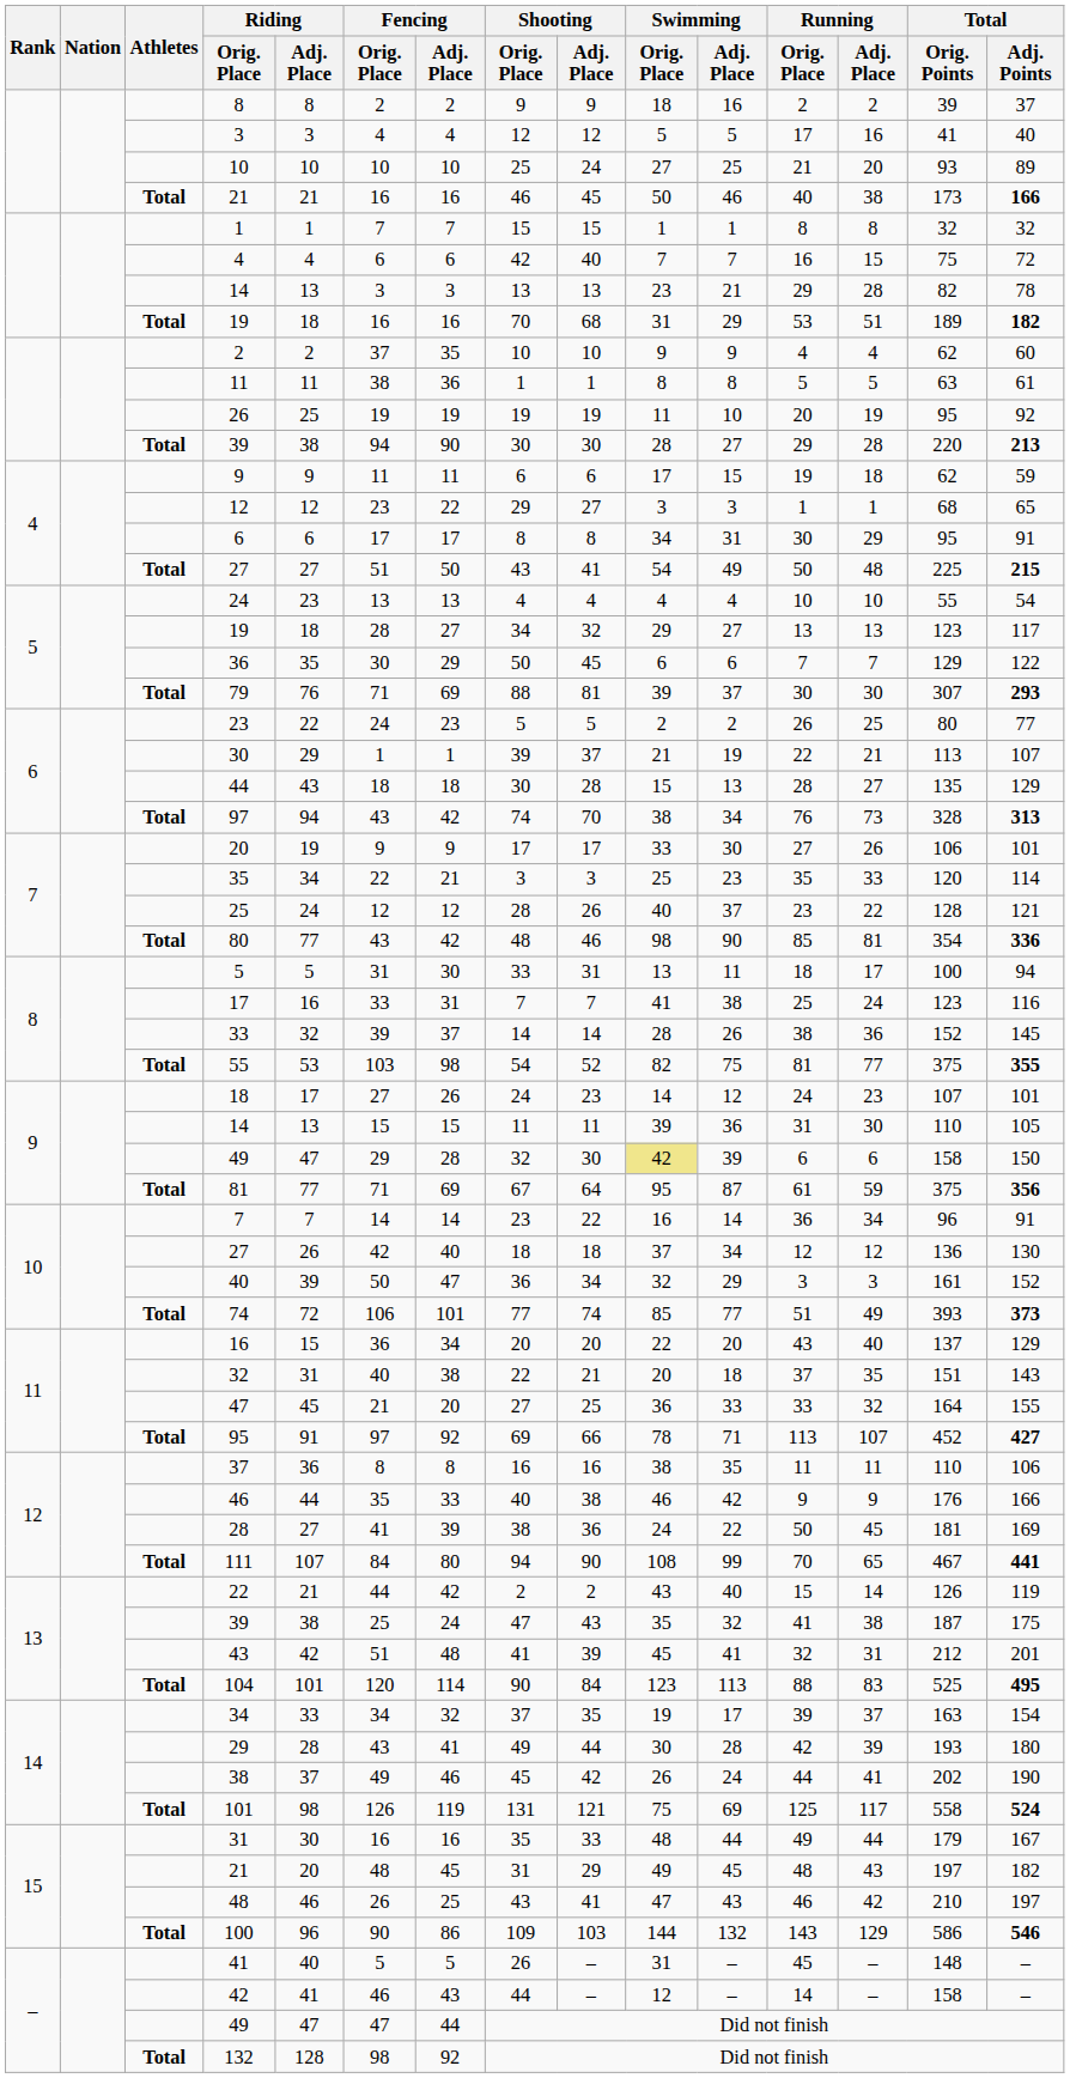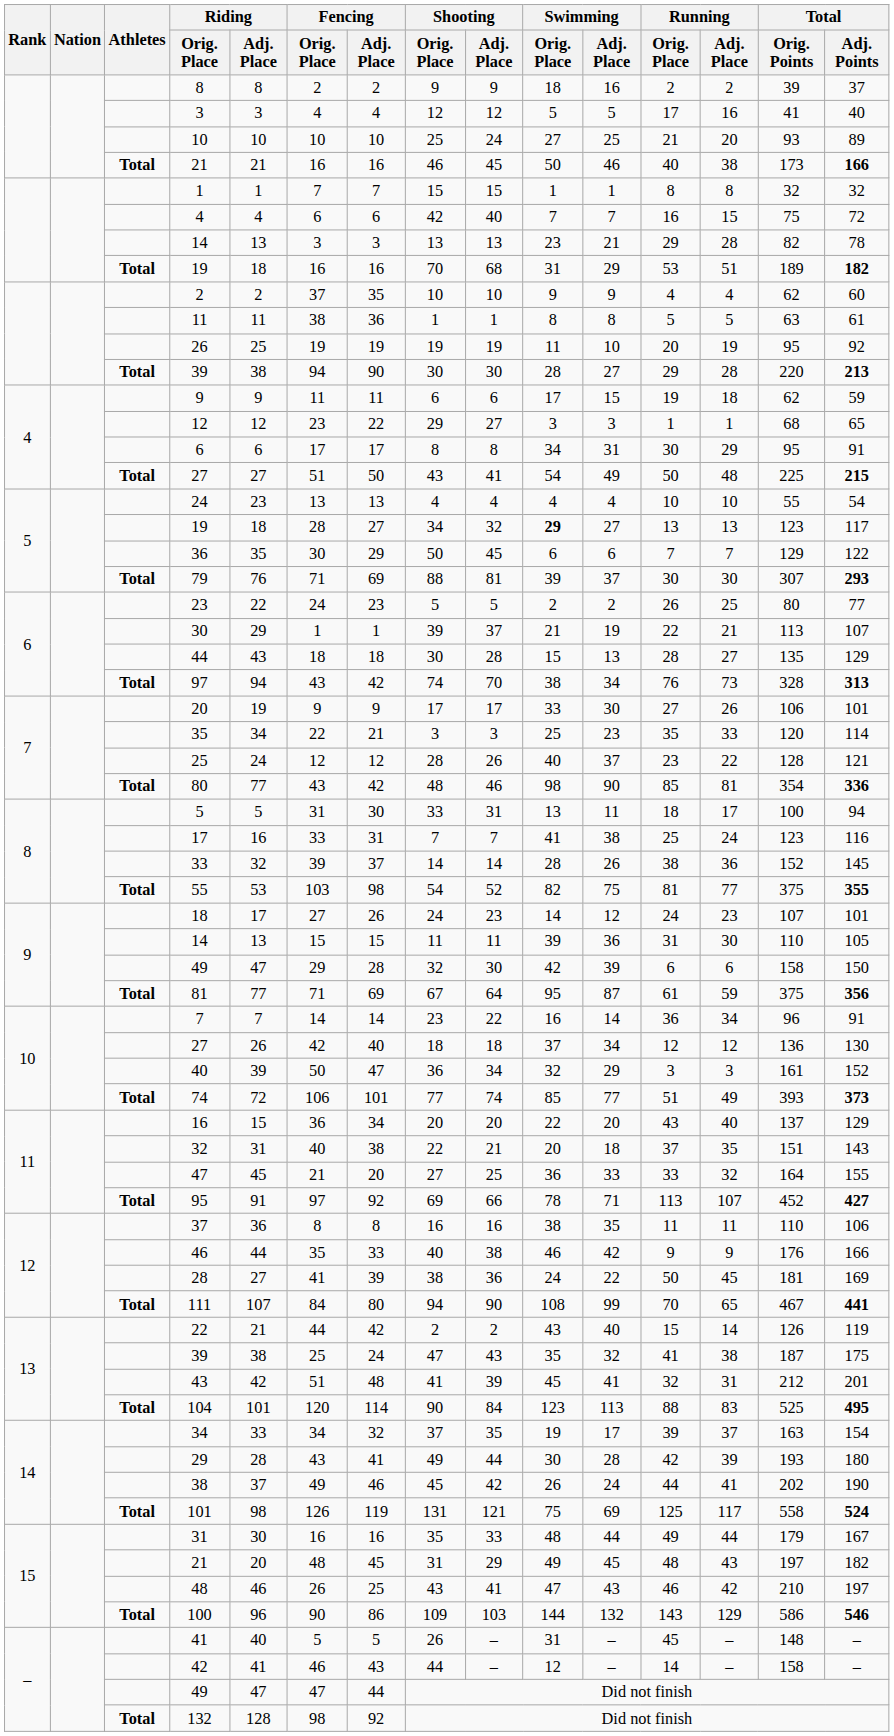 <table class="wikitable sortable" style="text-align:center">
 <tr>
 <th rowspan=2>Rank</th>
 <th rowspan=2>Nation</th>
 <th rowspan=2>Athletes</th>
 <th colspan=2>Riding</th>
 <th colspan=2>Fencing</th>
 <th colspan=2>Shooting</th>
 <th colspan=2>Swimming</th>
 <th colspan=2>Running</th>
 <th colspan=2>Total</th>
 </tr>
 <tr>
 <th>Orig. Place</th>
 <th>Adj. Place</th>
 <th>Orig. Place</th>
 <th>Adj. Place</th>
 <th>Orig. Place</th>
 <th>Adj. Place</th>
 <th>Orig. Place</th>
 <th>Adj. Place</th>
 <th>Orig. Place</th>
 <th>Adj. Place</th>
 <th>Orig. Points</th>
 <th>Adj. Points</th>
 </tr>
 <tr>
 <td rowspan=4></td>
 <td rowspan=4 align=left></td>
 <td align=left></td>
 <td>8</td>
 <td>8</td>
 <td>2</td>
 <td>2</td>
 <td>9</td>
 <td>9</td>
 <td>18</td>
 <td>16</td>
 <td>2</td>
 <td>2</td>
 <td>39</td>
 <td>37</td>
 </tr>
 <tr>
 <td align=left></td>
 <td>3</td>
 <td>3</td>
 <td>4</td>
 <td>4</td>
 <td>12</td>
 <td>12</td>
 <td>5</td>
 <td>5</td>
 <td>17</td>
 <td>16</td>
 <td>41</td>
 <td>40</td>
 </tr>
 <tr>
 <td align=left></td>
 <td>10</td>
 <td>10</td>
 <td>10</td>
 <td>10</td>
 <td>25</td>
 <td>24</td>
 <td>27</td>
 <td>25</td>
 <td>21</td>
 <td>20</td>
 <td>93</td>
 <td>89</td>
 </tr>
 <tr>
 <td><strong>Total</strong></td>
 <td>21</td>
 <td>21</td>
 <td>16</td>
 <td>16</td>
 <td>46</td>
 <td>45</td>
 <td>50</td>
 <td>46</td>
 <td>40</td>
 <td>38</td>
 <td>173</td>
 <td><strong>166</strong></td>
 </tr>
 <tr>
 <td rowspan=4></td>
 <td rowspan=4 align=left></td>
 <td align=left></td>
 <td>1</td>
 <td>1</td>
 <td>7</td>
 <td>7</td>
 <td>15</td>
 <td>15</td>
 <td>1</td>
 <td>1</td>
 <td>8</td>
 <td>8</td>
 <td>32</td>
 <td>32</td>
 </tr>
 <tr>
 <td align=left></td>
 <td>4</td>
 <td>4</td>
 <td>6</td>
 <td>6</td>
 <td>42</td>
 <td>40</td>
 <td>7</td>
 <td>7</td>
 <td>16</td>
 <td>15</td>
 <td>75</td>
 <td>72</td>
 </tr>
 <tr>
 <td align=left></td>
 <td>14</td>
 <td>13</td>
 <td>3</td>
 <td>3</td>
 <td>13</td>
 <td>13</td>
 <td>23</td>
 <td>21</td>
 <td>29</td>
 <td>28</td>
 <td>82</td>
 <td>78</td>
 </tr>
 <tr>
 <td><strong>Total</strong></td>
 <td>19</td>
 <td>18</td>
 <td>16</td>
 <td>16</td>
 <td>70</td>
 <td>68</td>
 <td>31</td>
 <td>29</td>
 <td>53</td>
 <td>51</td>
 <td>189</td>
 <td><strong>182</strong></td>
 </tr>
 <tr>
 <td rowspan=4></td>
 <td rowspan=4 align=left></td>
 <td align=left></td>
 <td>2</td>
 <td>2</td>
 <td>37</td>
 <td>35</td>
 <td>10</td>
 <td>10</td>
 <td>9</td>
 <td>9</td>
 <td>4</td>
 <td>4</td>
 <td>62</td>
 <td>60</td>
 </tr>
 <tr>
 <td align=left></td>
 <td>11</td>
 <td>11</td>
 <td>38</td>
 <td>36</td>
 <td>1</td>
 <td>1</td>
 <td>8</td>
 <td>8</td>
 <td>5</td>
 <td>5</td>
 <td>63</td>
 <td>61</td>
 </tr>
 <tr>
 <td align=left></td>
 <td>26</td>
 <td>25</td>
 <td>19</td>
 <td>19</td>
 <td>19</td>
 <td>19</td>
 <td>11</td>
 <td>10</td>
 <td>20</td>
 <td>19</td>
 <td>95</td>
 <td>92</td>
 </tr>
 <tr>
 <td><strong>Total</strong></td>
 <td>39</td>
 <td>38</td>
 <td>94</td>
 <td>90</td>
 <td>30</td>
 <td>30</td>
 <td>28</td>
 <td>27</td>
 <td>29</td>
 <td>28</td>
 <td>220</td>
 <td><strong>213</strong></td>
 </tr>
 <tr>
 <td rowspan=4>4</td>
 <td rowspan=4 align=left></td>
 <td align=left></td>
 <td>9</td>
 <td>9</td>
 <td>11</td>
 <td>11</td>
 <td>6</td>
 <td>6</td>
 <td>17</td>
 <td>15</td>
 <td>19</td>
 <td>18</td>
 <td>62</td>
 <td>59</td>
 </tr>
 <tr>
 <td align=left></td>
 <td>12</td>
 <td>12</td>
 <td>23</td>
 <td>22</td>
 <td>29</td>
 <td>27</td>
 <td>3</td>
 <td>3</td>
 <td>1</td>
 <td>1</td>
 <td>68</td>
 <td>65</td>
 </tr>
 <tr>
 <td align=left></td>
 <td>6</td>
 <td>6</td>
 <td>17</td>
 <td>17</td>
 <td>8</td>
 <td>8</td>
 <td>34</td>
 <td>31</td>
 <td>30</td>
 <td>29</td>
 <td>95</td>
 <td>91</td>
 </tr>
 <tr>
 <td><strong>Total</strong></td>
 <td>27</td>
 <td>27</td>
 <td>51</td>
 <td>50</td>
 <td>43</td>
 <td>41</td>
 <td>54</td>
 <td>49</td>
 <td>50</td>
 <td>48</td>
 <td>225</td>
 <td><strong>215</strong></td>
 </tr>
 <tr>
 <td rowspan=4>5</td>
 <td rowspan=4 align=left></td>
 <td align=left></td>
 <td>24</td>
 <td>23</td>
 <td>13</td>
 <td>13</td>
 <td>4</td>
 <td>4</td>
 <td>4</td>
 <td>4</td>
 <td>10</td>
 <td>10</td>
 <td>55</td>
 <td>54</td>
 </tr>
 <tr>
 <td align=left></td>
 <td>19</td>
 <td>18</td>
 <td>28</td>
 <td>27</td>
 <td>34</td>
 <td>32</td>
-<td>29</td>
+<td><strong>29</strong></td>
 <td>27</td>
 <td>13</td>
 <td>13</td>
 <td>123</td>
 <td>117</td>
 </tr>
 <tr>
 <td align=left></td>
 <td>36</td>
 <td>35</td>
 <td>30</td>
 <td>29</td>
 <td>50</td>
 <td>45</td>
 <td>6</td>
 <td>6</td>
 <td>7</td>
 <td>7</td>
 <td>129</td>
 <td>122</td>
 </tr>
 <tr>
 <td><strong>Total</strong></td>
 <td>79</td>
 <td>76</td>
 <td>71</td>
 <td>69</td>
 <td>88</td>
 <td>81</td>
 <td>39</td>
 <td>37</td>
 <td>30</td>
 <td>30</td>
 <td>307</td>
 <td><strong>293</strong></td>
 </tr>
 <tr>
 <td rowspan=4>6</td>
 <td rowspan=4 align=left></td>
 <td align=left></td>
 <td>23</td>
 <td>22</td>
 <td>24</td>
 <td>23</td>
 <td>5</td>
 <td>5</td>
 <td>2</td>
 <td>2</td>
 <td>26</td>
 <td>25</td>
 <td>80</td>
 <td>77</td>
 </tr>
 <tr>
 <td align=left></td>
 <td>30</td>
 <td>29</td>
 <td>1</td>
 <td>1</td>
 <td>39</td>
 <td>37</td>
 <td>21</td>
 <td>19</td>
 <td>22</td>
 <td>21</td>
 <td>113</td>
 <td>107</td>
 </tr>
 <tr>
 <td align=left></td>
 <td>44</td>
 <td>43</td>
 <td>18</td>
 <td>18</td>
 <td>30</td>
 <td>28</td>
 <td>15</td>
 <td>13</td>
 <td>28</td>
 <td>27</td>
 <td>135</td>
 <td>129</td>
 </tr>
 <tr>
 <td><strong>Total</strong></td>
 <td>97</td>
 <td>94</td>
 <td>43</td>
 <td>42</td>
 <td>74</td>
 <td>70</td>
 <td>38</td>
 <td>34</td>
 <td>76</td>
 <td>73</td>
 <td>328</td>
 <td><strong>313</strong></td>
 </tr>
 <tr>
 <td rowspan=4>7</td>
 <td rowspan=4 align=left></td>
 <td align=left></td>
 <td>20</td>
 <td>19</td>
 <td>9</td>
 <td>9</td>
 <td>17</td>
 <td>17</td>
 <td>33</td>
 <td>30</td>
 <td>27</td>
 <td>26</td>
 <td>106</td>
 <td>101</td>
 </tr>
 <tr>
 <td align=left></td>
 <td>35</td>
 <td>34</td>
 <td>22</td>
 <td>21</td>
 <td>3</td>
 <td>3</td>
 <td>25</td>
 <td>23</td>
 <td>35</td>
 <td>33</td>
 <td>120</td>
 <td>114</td>
 </tr>
 <tr>
 <td align=left></td>
 <td>25</td>
 <td>24</td>
 <td>12</td>
 <td>12</td>
 <td>28</td>
 <td>26</td>
 <td>40</td>
 <td>37</td>
 <td>23</td>
 <td>22</td>
 <td>128</td>
 <td>121</td>
 </tr>
 <tr>
 <td><strong>Total</strong></td>
 <td>80</td>
 <td>77</td>
 <td>43</td>
 <td>42</td>
 <td>48</td>
 <td>46</td>
 <td>98</td>
 <td>90</td>
 <td>85</td>
 <td>81</td>
 <td>354</td>
 <td><strong>336</strong></td>
 </tr>
 <tr>
 <td rowspan=4>8</td>
 <td rowspan=4 align=left></td>
 <td align=left></td>
 <td>5</td>
 <td>5</td>
 <td>31</td>
 <td>30</td>
 <td>33</td>
 <td>31</td>
 <td>13</td>
 <td>11</td>
 <td>18</td>
 <td>17</td>
 <td>100</td>
 <td>94</td>
 </tr>
 <tr>
 <td align=left></td>
 <td>17</td>
 <td>16</td>
 <td>33</td>
 <td>31</td>
 <td>7</td>
 <td>7</td>
 <td>41</td>
 <td>38</td>
 <td>25</td>
 <td>24</td>
 <td>123</td>
 <td>116</td>
 </tr>
 <tr>
 <td align=left></td>
 <td>33</td>
 <td>32</td>
 <td>39</td>
 <td>37</td>
 <td>14</td>
 <td>14</td>
 <td>28</td>
 <td>26</td>
 <td>38</td>
 <td>36</td>
 <td>152</td>
 <td>145</td>
 </tr>
 <tr>
 <td><strong>Total</strong></td>
 <td>55</td>
 <td>53</td>
 <td>103</td>
 <td>98</td>
 <td>54</td>
 <td>52</td>
 <td>82</td>
 <td>75</td>
 <td>81</td>
 <td>77</td>
 <td>375</td>
 <td><strong>355</strong></td>
 </tr>
 <tr>
 <td rowspan=4>9</td>
 <td rowspan=4 align=left></td>
 <td align=left></td>
 <td>18</td>
 <td>17</td>
 <td>27</td>
 <td>26</td>
 <td>24</td>
 <td>23</td>
 <td>14</td>
 <td>12</td>
 <td>24</td>
 <td>23</td>
 <td>107</td>
 <td>101</td>
 </tr>
 <tr>
 <td align=left></td>
 <td>14</td>
 <td>13</td>
 <td>15</td>
 <td>15</td>
 <td>11</td>
 <td>11</td>
 <td>39</td>
 <td>36</td>
 <td>31</td>
 <td>30</td>
 <td>110</td>
 <td>105</td>
 </tr>
 <tr>
 <td align=left></td>
 <td>49</td>
 <td>47</td>
 <td>29</td>
 <td>28</td>
 <td>32</td>
 <td>30</td>
-<td style="background: khaki;">42</td>
+<td>42</td>
 <td>39</td>
 <td>6</td>
 <td>6</td>
 <td>158</td>
 <td>150</td>
 </tr>
 <tr>
 <td><strong>Total</strong></td>
 <td>81</td>
 <td>77</td>
 <td>71</td>
 <td>69</td>
 <td>67</td>
 <td>64</td>
 <td>95</td>
 <td>87</td>
 <td>61</td>
 <td>59</td>
 <td>375</td>
 <td><strong>356</strong></td>
 </tr>
 <tr>
 <td rowspan=4>10</td>
 <td rowspan=4 align=left></td>
 <td align=left></td>
 <td>7</td>
 <td>7</td>
 <td>14</td>
 <td>14</td>
 <td>23</td>
 <td>22</td>
 <td>16</td>
 <td>14</td>
 <td>36</td>
 <td>34</td>
 <td>96</td>
 <td>91</td>
 </tr>
 <tr>
 <td align=left></td>
 <td>27</td>
 <td>26</td>
 <td>42</td>
 <td>40</td>
 <td>18</td>
 <td>18</td>
 <td>37</td>
 <td>34</td>
 <td>12</td>
 <td>12</td>
 <td>136</td>
 <td>130</td>
 </tr>
 <tr>
 <td align=left></td>
 <td>40</td>
 <td>39</td>
 <td>50</td>
 <td>47</td>
 <td>36</td>
 <td>34</td>
 <td>32</td>
 <td>29</td>
 <td>3</td>
 <td>3</td>
 <td>161</td>
 <td>152</td>
 </tr>
 <tr>
 <td><strong>Total</strong></td>
 <td>74</td>
 <td>72</td>
 <td>106</td>
 <td>101</td>
 <td>77</td>
 <td>74</td>
 <td>85</td>
 <td>77</td>
 <td>51</td>
 <td>49</td>
 <td>393</td>
 <td><strong>373</strong></td>
 </tr>
 <tr>
 <td rowspan=4>11</td>
 <td rowspan=4 align=left></td>
 <td align=left></td>
 <td>16</td>
 <td>15</td>
 <td>36</td>
 <td>34</td>
 <td>20</td>
 <td>20</td>
 <td>22</td>
 <td>20</td>
 <td>43</td>
 <td>40</td>
 <td>137</td>
 <td>129</td>
 </tr>
 <tr>
 <td align=left></td>
 <td>32</td>
 <td>31</td>
 <td>40</td>
 <td>38</td>
 <td>22</td>
 <td>21</td>
 <td>20</td>
 <td>18</td>
 <td>37</td>
 <td>35</td>
 <td>151</td>
 <td>143</td>
 </tr>
 <tr>
 <td align=left></td>
 <td>47</td>
 <td>45</td>
 <td>21</td>
 <td>20</td>
 <td>27</td>
 <td>25</td>
 <td>36</td>
 <td>33</td>
 <td>33</td>
 <td>32</td>
 <td>164</td>
 <td>155</td>
 </tr>
 <tr>
 <td><strong>Total</strong></td>
 <td>95</td>
 <td>91</td>
 <td>97</td>
 <td>92</td>
 <td>69</td>
 <td>66</td>
 <td>78</td>
 <td>71</td>
 <td>113</td>
 <td>107</td>
 <td>452</td>
 <td><strong>427</strong></td>
 </tr>
 <tr>
 <td rowspan=4>12</td>
 <td rowspan=4 align=left></td>
 <td align=left></td>
 <td>37</td>
 <td>36</td>
 <td>8</td>
 <td>8</td>
 <td>16</td>
 <td>16</td>
 <td>38</td>
 <td>35</td>
 <td>11</td>
 <td>11</td>
 <td>110</td>
 <td>106</td>
 </tr>
 <tr>
 <td align=left></td>
 <td>46</td>
 <td>44</td>
 <td>35</td>
 <td>33</td>
 <td>40</td>
 <td>38</td>
 <td>46</td>
 <td>42</td>
 <td>9</td>
 <td>9</td>
 <td>176</td>
 <td>166</td>
 </tr>
 <tr>
 <td align=left></td>
 <td>28</td>
 <td>27</td>
 <td>41</td>
 <td>39</td>
 <td>38</td>
 <td>36</td>
 <td>24</td>
 <td>22</td>
 <td>50</td>
 <td>45</td>
 <td>181</td>
 <td>169</td>
 </tr>
 <tr>
 <td><strong>Total</strong></td>
 <td>111</td>
 <td>107</td>
 <td>84</td>
 <td>80</td>
 <td>94</td>
 <td>90</td>
 <td>108</td>
 <td>99</td>
 <td>70</td>
 <td>65</td>
 <td>467</td>
 <td><strong>441</strong></td>
 </tr>
 <tr>
 <td rowspan=4>13</td>
 <td rowspan=4 align=left></td>
 <td align=left></td>
 <td>22</td>
 <td>21</td>
 <td>44</td>
 <td>42</td>
 <td>2</td>
 <td>2</td>
 <td>43</td>
 <td>40</td>
 <td>15</td>
 <td>14</td>
 <td>126</td>
 <td>119</td>
 </tr>
 <tr>
 <td align=left></td>
 <td>39</td>
 <td>38</td>
 <td>25</td>
 <td>24</td>
 <td>47</td>
 <td>43</td>
 <td>35</td>
 <td>32</td>
 <td>41</td>
 <td>38</td>
 <td>187</td>
 <td>175</td>
 </tr>
 <tr>
 <td align=left></td>
 <td>43</td>
 <td>42</td>
 <td>51</td>
 <td>48</td>
 <td>41</td>
 <td>39</td>
 <td>45</td>
 <td>41</td>
 <td>32</td>
 <td>31</td>
 <td>212</td>
 <td>201</td>
 </tr>
 <tr>
 <td><strong>Total</strong></td>
 <td>104</td>
 <td>101</td>
 <td>120</td>
 <td>114</td>
 <td>90</td>
 <td>84</td>
 <td>123</td>
 <td>113</td>
 <td>88</td>
 <td>83</td>
 <td>525</td>
 <td><strong>495</strong></td>
 </tr>
 <tr>
 <td rowspan=4>14</td>
 <td rowspan=4 align=left></td>
 <td align=left></td>
 <td>34</td>
 <td>33</td>
 <td>34</td>
 <td>32</td>
 <td>37</td>
 <td>35</td>
 <td>19</td>
 <td>17</td>
 <td>39</td>
 <td>37</td>
 <td>163</td>
 <td>154</td>
 </tr>
 <tr>
 <td align=left></td>
 <td>29</td>
 <td>28</td>
 <td>43</td>
 <td>41</td>
 <td>49</td>
 <td>44</td>
 <td>30</td>
 <td>28</td>
 <td>42</td>
 <td>39</td>
 <td>193</td>
 <td>180</td>
 </tr>
 <tr>
 <td align=left></td>
 <td>38</td>
 <td>37</td>
 <td>49</td>
 <td>46</td>
 <td>45</td>
 <td>42</td>
 <td>26</td>
 <td>24</td>
 <td>44</td>
 <td>41</td>
 <td>202</td>
 <td>190</td>
 </tr>
 <tr>
 <td><strong>Total</strong></td>
 <td>101</td>
 <td>98</td>
 <td>126</td>
 <td>119</td>
 <td>131</td>
 <td>121</td>
 <td>75</td>
 <td>69</td>
 <td>125</td>
 <td>117</td>
 <td>558</td>
 <td><strong>524</strong></td>
 </tr>
 <tr>
 <td rowspan=4>15</td>
 <td rowspan=4 align=left></td>
 <td align=left></td>
 <td>31</td>
 <td>30</td>
 <td>16</td>
 <td>16</td>
 <td>35</td>
 <td>33</td>
 <td>48</td>
 <td>44</td>
 <td>49</td>
 <td>44</td>
 <td>179</td>
 <td>167</td>
 </tr>
 <tr>
 <td align=left></td>
 <td>21</td>
 <td>20</td>
 <td>48</td>
 <td>45</td>
 <td>31</td>
 <td>29</td>
 <td>49</td>
 <td>45</td>
 <td>48</td>
 <td>43</td>
 <td>197</td>
 <td>182</td>
 </tr>
 <tr>
 <td align=left></td>
 <td>48</td>
 <td>46</td>
 <td>26</td>
 <td>25</td>
 <td>43</td>
 <td>41</td>
 <td>47</td>
 <td>43</td>
 <td>46</td>
 <td>42</td>
 <td>210</td>
 <td>197</td>
 </tr>
 <tr>
 <td><strong>Total</strong></td>
 <td>100</td>
 <td>96</td>
 <td>90</td>
 <td>86</td>
 <td>109</td>
 <td>103</td>
 <td>144</td>
 <td>132</td>
 <td>143</td>
 <td>129</td>
 <td>586</td>
 <td><strong>546</strong></td>
 </tr>
 <tr>
 <td rowspan=4>–</td>
 <td rowspan=4 align=left></td>
 <td align=left></td>
 <td>41</td>
 <td>40</td>
 <td>5</td>
 <td>5</td>
 <td>26</td>
 <td>–</td>
 <td>31</td>
 <td>–</td>
 <td>45</td>
 <td>–</td>
 <td>148</td>
 <td>–</td>
 </tr>
 <tr>
 <td align=left></td>
 <td>42</td>
 <td>41</td>
 <td>46</td>
 <td>43</td>
 <td>44</td>
 <td>–</td>
 <td>12</td>
 <td>–</td>
 <td>14</td>
 <td>–</td>
 <td>158</td>
 <td>–</td>
 </tr>
 <tr>
 <td align=left></td>
 <td>49</td>
 <td>47</td>
 <td>47</td>
 <td>44</td>
 <td colspan=8>Did not finish</td>
 </tr>
 <tr>
 <td><strong>Total</strong></td>
 <td>132</td>
 <td>128</td>
 <td>98</td>
 <td>92</td>
 <td colspan=8>Did not finish</td>
 </tr>
 </table>
